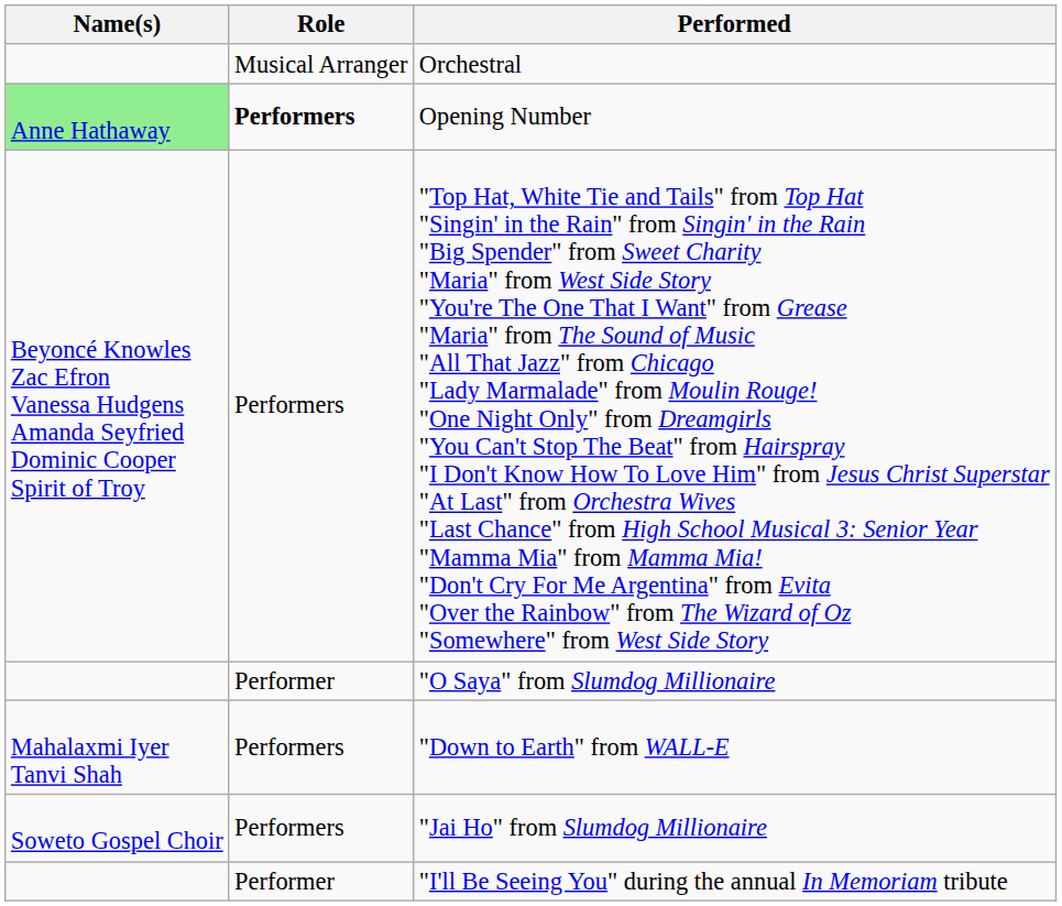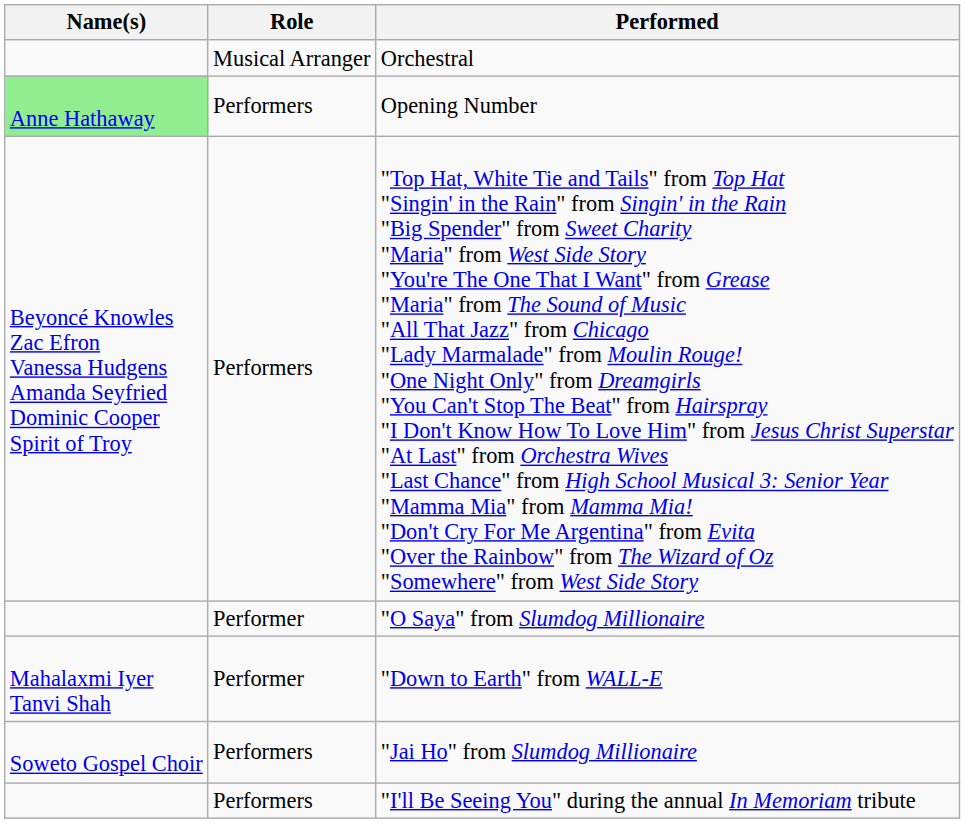 <table class="wikitable sortable">
 <tr>
 <th>Name(s)</th>
 <th>Role</th>
 <th>Performed</th>
 </tr>
 <tr>
 <td></td>
 <td>Musical Arranger</td>
 <td>Orchestral</td>
 </tr>
 <tr>
 <td style="background: lightgreen;"><br><a href='#'>Anne Hathaway</a></td>
-<td><strong>Performers</strong></td>
+<td>Performers</td>
 <td>Opening Number</td>
 </tr>
 <tr>
 <td><br><a href='#'>Beyoncé Knowles</a><br><a href='#'>Zac Efron</a><br><a href='#'>Vanessa Hudgens</a><br><a href='#'>Amanda Seyfried</a><br><a href='#'>Dominic Cooper</a><br><a href='#'>Spirit of Troy</a></td>
 <td>Performers</td>
 <td><br>"<a href='#'>Top Hat, White Tie and Tails</a>" from <em><a href='#'>Top Hat</a></em><br> "<a href='#'>Singin' in the Rain</a>" from <em><a href='#'>Singin' in the Rain</a></em><br> "<a href='#'>Big Spender</a>" from <em><a href='#'>Sweet Charity</a></em><br> "<a href='#'>Maria</a>" from <em><a href='#'>West Side Story</a></em><br> "<a href='#'>You're The One That I Want</a>" from <em><a href='#'>Grease</a></em><br> "<a href='#'>Maria</a>" from <em><a href='#'>The Sound of Music</a></em><br> "<a href='#'>All That Jazz</a>" from <em><a href='#'>Chicago</a></em><br> "<a href='#'>Lady Marmalade</a>" from <em><a href='#'>Moulin Rouge!</a></em><br> "<a href='#'>One Night Only</a>" from <em><a href='#'>Dreamgirls</a></em><br> "<a href='#'>You Can't Stop The Beat</a>" from <em><a href='#'>Hairspray</a></em><br> "<a href='#'>I Don't Know How To Love Him</a>" from <em><a href='#'>Jesus Christ Superstar</a></em><br> "<a href='#'>At Last</a>" from <em><a href='#'>Orchestra Wives</a></em><br> "<a href='#'>Last Chance</a>" from <em><a href='#'>High School Musical 3: Senior Year</a></em><br> "<a href='#'>Mamma Mia</a>" from <em><a href='#'>Mamma Mia!</a></em><br> "<a href='#'>Don't Cry For Me Argentina</a>" from <em><a href='#'>Evita</a></em><br> "<a href='#'>Over the Rainbow</a>" from <em><a href='#'>The Wizard of Oz</a></em><br> "<a href='#'>Somewhere</a>" from <em><a href='#'>West Side Story</a></em></td>
 </tr>
 <tr>
 <td></td>
 <td>Performer</td>
 <td>"<a href='#'>O Saya</a>" from <em><a href='#'>Slumdog Millionaire</a></em></td>
 </tr>
 <tr>
 <td><br><a href='#'>Mahalaxmi Iyer</a><br><a href='#'>Tanvi Shah</a></td>
-<td>Performers</td>
+<td>Performer</td>
 <td>"<a href='#'>Down to Earth</a>" from <em><a href='#'>WALL-E</a></em></td>
 </tr>
 <tr>
 <td><br><a href='#'>Soweto Gospel Choir</a></td>
 <td>Performers</td>
 <td>"<a href='#'>Jai Ho</a>" from <em><a href='#'>Slumdog Millionaire</a></em></td>
 </tr>
 <tr>
 <td></td>
-<td>Performer</td>
+<td>Performers</td>
 <td>"<a href='#'>I'll Be Seeing You</a>" during the annual <em><a href='#'>In Memoriam</a></em> tribute</td>
 </tr>
 </table>
